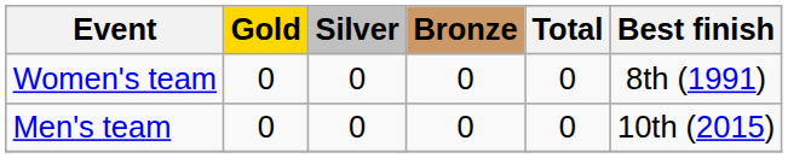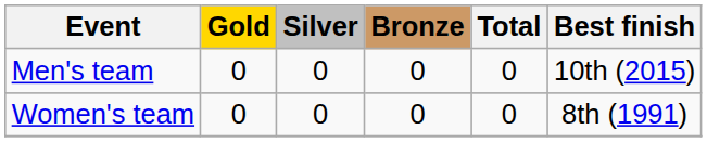 <table class="wikitable sortable" style="text-align:center">
 <tr>
 <th>Event</th>
 <th style="background-color:gold;">Gold</th>
 <th style="background-color:silver;">Silver</th>
 <th style="background-color:#c96;">Bronze</th>
 <th>Total</th>
 <th>Best finish</th>
 </tr>
 <tr>
+<td align=left><a href='#'>Men's team</a></td>
+<td>0</td>
+<td>0</td>
+<td>0</td>
+<td>0</td>
+<td>10th (<a href='#'>2015</a>)</td>
+</tr>
+<tr>
 <td align=left><a href='#'>Women's team</a></td>
 <td>0</td>
 <td>0</td>
 <td>0</td>
 <td>0</td>
 <td>8th (<a href='#'>1991</a>)</td>
 </tr>
 <tr>
-<td align=left><a href='#'>Men's team</a></td>
-<td>0</td>
-<td>0</td>
-<td>0</td>
-<td>0</td>
-<td>10th (<a href='#'>2015</a>)</td>
-</tr>
-<tr>
 </tr>
 </table>
